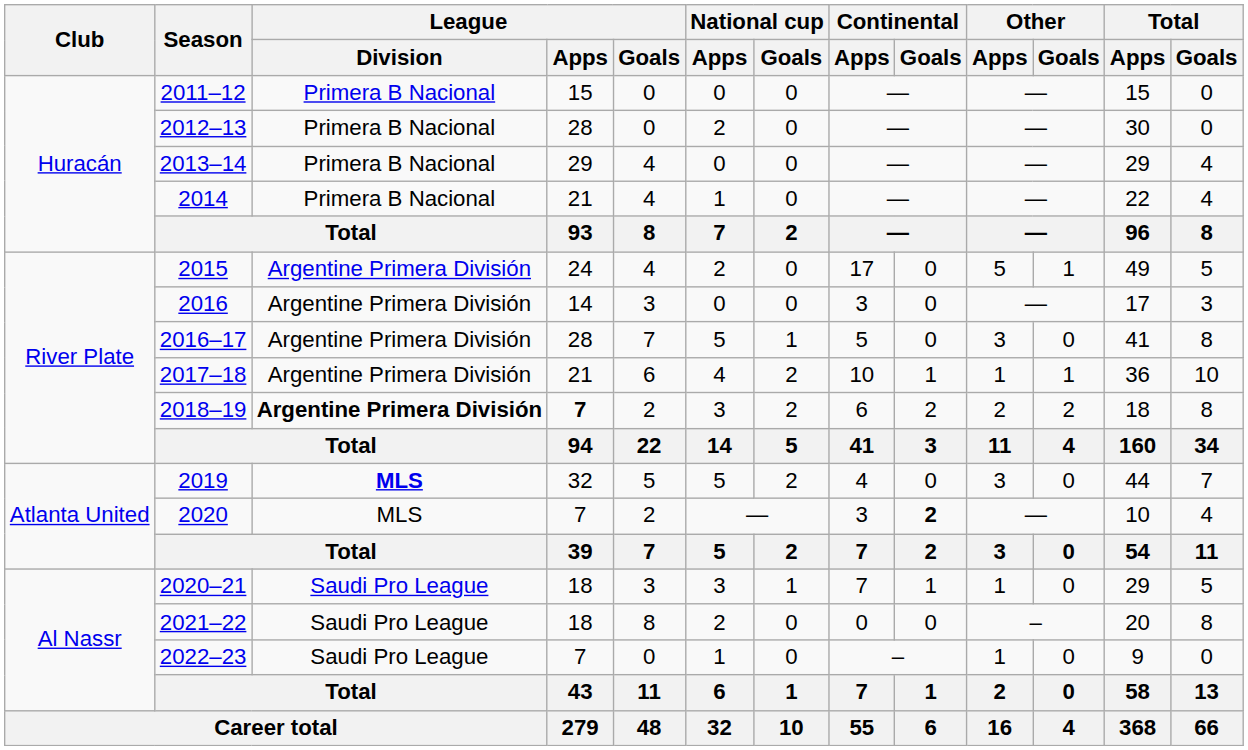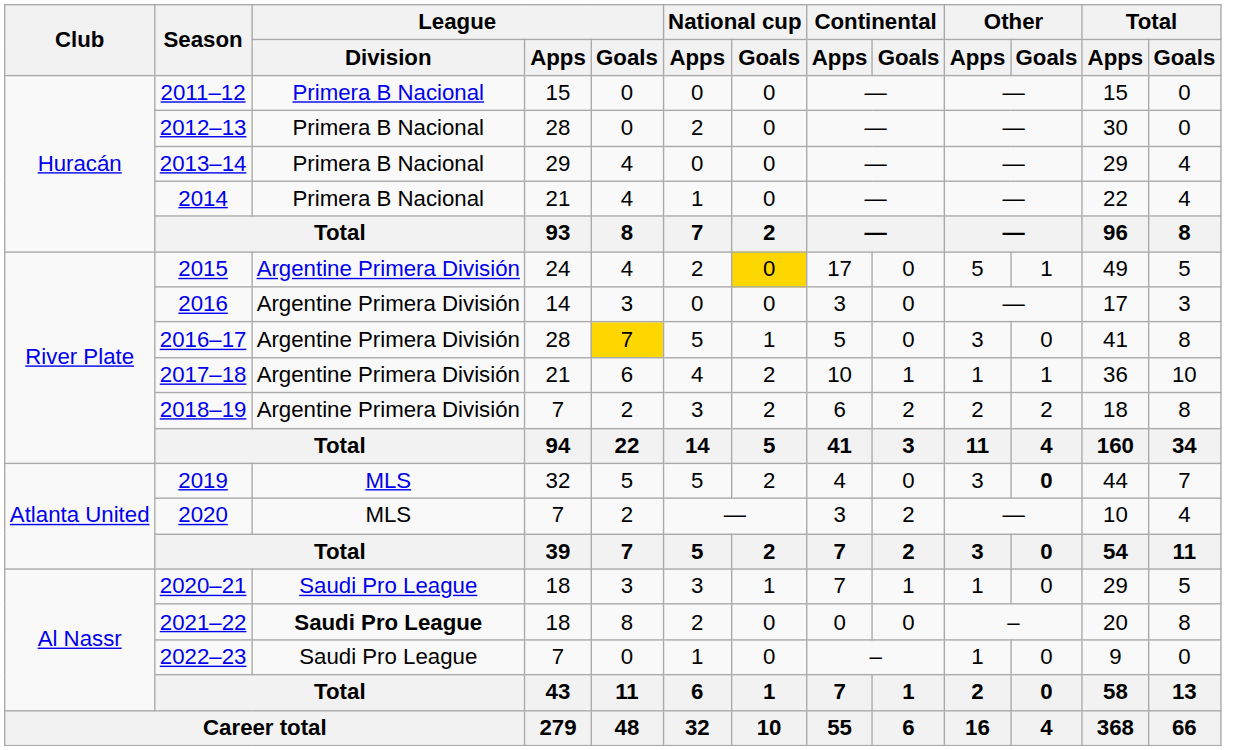 <table class="wikitable" style="text-align: center;">
 <tr>
 <th rowspan="2">Club</th>
 <th rowspan="2">Season</th>
 <th colspan="3">League</th>
 <th colspan="2">National cup</th>
 <th colspan="2">Continental</th>
 <th colspan="2">Other</th>
 <th colspan="2">Total</th>
 </tr>
 <tr>
 <th>Division</th>
 <th>Apps</th>
 <th>Goals</th>
 <th>Apps</th>
 <th>Goals</th>
 <th>Apps</th>
 <th>Goals</th>
 <th>Apps</th>
 <th>Goals</th>
 <th>Apps</th>
 <th>Goals</th>
 </tr>
 <tr>
 <td rowspan="5"><a href='#'>Huracán</a></td>
 <td><a href='#'>2011–12</a></td>
 <td><a href='#'>Primera B Nacional</a></td>
 <td>15</td>
 <td>0</td>
 <td>0</td>
 <td>0</td>
 <td colspan="2">—</td>
 <td colspan="2">—</td>
 <td>15</td>
 <td>0</td>
 </tr>
 <tr>
 <td><a href='#'>2012–13</a></td>
 <td>Primera B Nacional</td>
 <td>28</td>
 <td>0</td>
 <td>2</td>
 <td>0</td>
 <td colspan="2">—</td>
 <td colspan="2">—</td>
 <td>30</td>
 <td>0</td>
 </tr>
 <tr>
 <td><a href='#'>2013–14</a></td>
 <td>Primera B Nacional</td>
 <td>29</td>
 <td>4</td>
 <td>0</td>
 <td>0</td>
 <td colspan="2">—</td>
 <td colspan="2">—</td>
 <td>29</td>
 <td>4</td>
 </tr>
 <tr>
 <td><a href='#'>2014</a></td>
 <td>Primera B Nacional</td>
 <td>21</td>
 <td>4</td>
 <td>1</td>
 <td>0</td>
 <td colspan="2">—</td>
 <td colspan="2">—</td>
 <td>22</td>
 <td>4</td>
 </tr>
 <tr>
 <th colspan="2">Total</th>
 <th>93</th>
 <th>8</th>
 <th>7</th>
 <th>2</th>
 <th colspan="2">—</th>
 <th colspan="2">—</th>
 <th>96</th>
 <th>8</th>
 </tr>
 <tr>
 <td rowspan="6"><a href='#'>River Plate</a></td>
 <td><a href='#'>2015</a></td>
 <td><a href='#'>Argentine Primera División</a></td>
 <td>24</td>
 <td>4</td>
 <td>2</td>
-<td>0</td>
+<td style="background: gold;">0</td>
 <td>17</td>
 <td>0</td>
 <td>5</td>
 <td>1</td>
 <td>49</td>
 <td>5</td>
 </tr>
 <tr>
 <td><a href='#'>2016</a></td>
 <td>Argentine Primera División</td>
 <td>14</td>
 <td>3</td>
 <td>0</td>
 <td>0</td>
 <td>3</td>
 <td>0</td>
 <td colspan="2">—</td>
 <td>17</td>
 <td>3</td>
 </tr>
 <tr>
 <td><a href='#'>2016–17</a></td>
 <td>Argentine Primera División</td>
 <td>28</td>
-<td>7</td>
+<td style="background: gold;">7</td>
 <td>5</td>
 <td>1</td>
 <td>5</td>
 <td>0</td>
 <td>3</td>
 <td>0</td>
 <td>41</td>
 <td>8</td>
 </tr>
 <tr>
 <td><a href='#'>2017–18</a></td>
 <td>Argentine Primera División</td>
 <td>21</td>
 <td>6</td>
 <td>4</td>
 <td>2</td>
 <td>10</td>
 <td>1</td>
 <td>1</td>
 <td>1</td>
 <td>36</td>
 <td>10</td>
 </tr>
 <tr>
 <td><a href='#'>2018–19</a></td>
-<td><strong>Argentine Primera División</strong></td>
-<td><strong>7</strong></td>
+<td>Argentine Primera División</td>
+<td>7</td>
 <td>2</td>
 <td>3</td>
 <td>2</td>
 <td>6</td>
 <td>2</td>
 <td>2</td>
 <td>2</td>
 <td>18</td>
 <td>8</td>
 </tr>
 <tr>
 <th colspan="2">Total</th>
 <th>94</th>
 <th>22</th>
 <th>14</th>
 <th>5</th>
 <th>41</th>
 <th>3</th>
 <th>11</th>
 <th>4</th>
 <th>160</th>
 <th>34</th>
 </tr>
 <tr>
 <td rowspan="3"><a href='#'>Atlanta United</a></td>
 <td><a href='#'>2019</a></td>
-<td><strong><a href='#'>MLS</a></strong></td>
+<td><a href='#'>MLS</a></td>
 <td>32</td>
 <td>5</td>
 <td>5</td>
 <td>2</td>
 <td>4</td>
 <td>0</td>
 <td>3</td>
-<td>0</td>
+<td><strong>0</strong></td>
 <td>44</td>
 <td>7</td>
 </tr>
 <tr>
 <td><a href='#'>2020</a></td>
 <td>MLS</td>
 <td>7</td>
 <td>2</td>
 <td colspan="2">—</td>
 <td>3</td>
-<td><strong>2</strong></td>
+<td>2</td>
 <td colspan="2">—</td>
 <td>10</td>
 <td>4</td>
 </tr>
 <tr>
 <th colspan="2">Total</th>
 <th>39</th>
 <th>7</th>
 <th>5</th>
 <th>2</th>
 <th>7</th>
 <th>2</th>
 <th>3</th>
 <th>0</th>
 <th>54</th>
 <th>11</th>
 </tr>
 <tr>
 <td rowspan="4"><a href='#'>Al Nassr</a></td>
 <td><a href='#'>2020–21</a></td>
 <td><a href='#'>Saudi Pro League</a></td>
 <td>18</td>
 <td>3</td>
 <td>3</td>
 <td>1</td>
 <td>7</td>
 <td>1</td>
 <td>1</td>
 <td>0</td>
 <td>29</td>
 <td>5</td>
 </tr>
 <tr>
 <td><a href='#'>2021–22</a></td>
-<td>Saudi Pro League</td>
+<td><strong>Saudi Pro League</strong></td>
 <td>18</td>
 <td>8</td>
 <td>2</td>
 <td>0</td>
 <td>0</td>
 <td>0</td>
 <td colspan="2">–</td>
 <td>20</td>
 <td>8</td>
 </tr>
 <tr>
 <td><a href='#'>2022–23</a></td>
 <td>Saudi Pro League</td>
 <td>7</td>
 <td>0</td>
 <td>1</td>
 <td>0</td>
 <td colspan="2">–</td>
 <td>1</td>
 <td>0</td>
 <td>9</td>
 <td>0</td>
 </tr>
 <tr>
 <th colspan="2">Total</th>
 <th>43</th>
 <th>11</th>
 <th>6</th>
 <th>1</th>
 <th>7</th>
 <th>1</th>
 <th>2</th>
 <th>0</th>
 <th>58</th>
 <th>13</th>
 </tr>
 <tr>
 <th colspan="3">Career total</th>
 <th>279</th>
 <th>48</th>
 <th>32</th>
 <th>10</th>
 <th>55</th>
 <th>6</th>
 <th>16</th>
 <th>4</th>
 <th>368</th>
 <th>66</th>
 </tr>
 </table>
